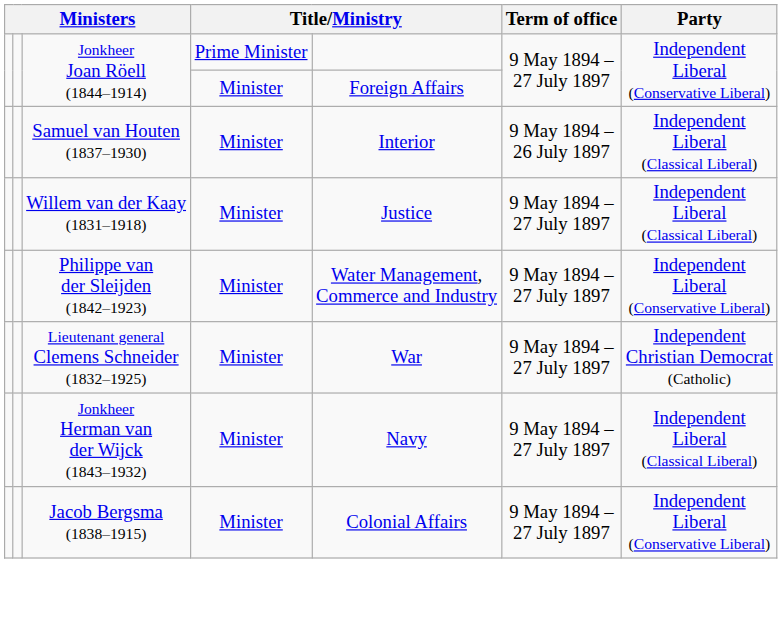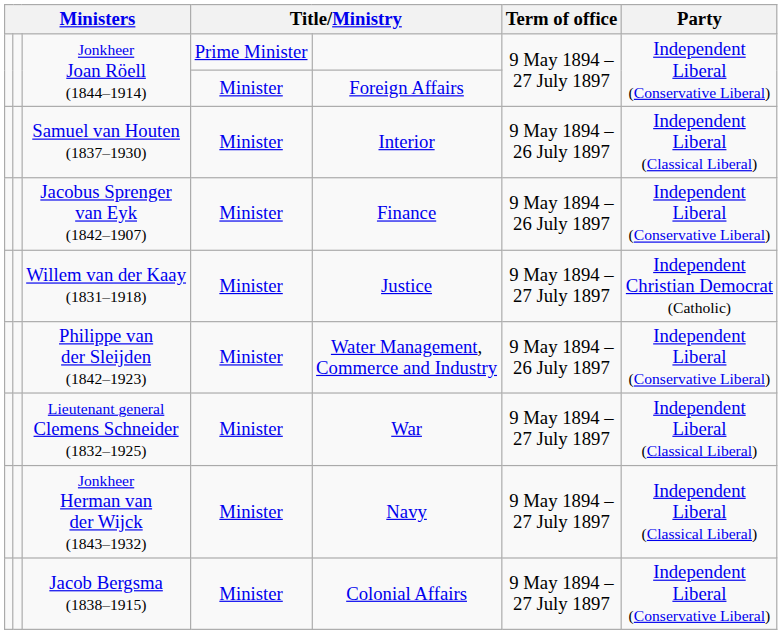 <table class="wikitable" style="text-align:center">
 <tr>
 <th colspan=3><a href='#'>Ministers</a></th>
 <th colspan=2>Title/<a href='#'>Ministry</a></th>
 <th>Term of office</th>
 <th>Party</th>
 </tr>
 <tr>
 <td rowspan=2 style="background:"></td>
 <td rowspan=2></td>
 <td rowspan=2><small><a href='#'>Jonkheer</a></small> <br> <a href='#'>Joan Röell</a> <br> <small>(1844–1914)</small></td>
 <td><a href='#'>Prime Minister</a></td>
 <td></td>
 <td rowspan=2>9 May 1894 – <br> 27 July 1897</td>
 <td rowspan=2><a href='#'>Independent <br> Liberal</a> <br> <small>(<a href='#'>Conservative Liberal</a>)</small></td>
 </tr>
 <tr>
 <td><a href='#'>Minister</a></td>
 <td><a href='#'>Foreign Affairs</a></td>
 </tr>
 <tr>
 <td style="background:"></td>
 <td></td>
 <td><a href='#'>Samuel van Houten</a> <br> <small>(1837–1930)</small></td>
 <td><a href='#'>Minister</a></td>
 <td><a href='#'>Interior</a></td>
 <td>9 May 1894 – <br> 26 July 1897</td>
 <td><a href='#'>Independent <br> Liberal</a> <br> <small>(<a href='#'>Classical Liberal</a>)</small></td>
 </tr>
 <tr>
 <td style="background:"></td>
 <td></td>
+<td><a href='#'>Jacobus Sprenger <br> van Eyk</a> <br> <small>(1842–1907)</small></td>
+<td><a href='#'>Minister</a></td>
+<td><a href='#'>Finance</a></td>
+<td>9 May 1894 – <br> 26 July 1897</td>
+<td><a href='#'>Independent <br> Liberal</a> <br> <small>(<a href='#'>Conservative Liberal</a>)</small></td>
+</tr>
+<tr>
+<td style="background:"></td>
+<td></td>
 <td><a href='#'>Willem van der Kaay</a> <br> <small>(1831–1918)</small></td>
 <td><a href='#'>Minister</a></td>
 <td><a href='#'>Justice</a></td>
 <td>9 May 1894 – <br> 27 July 1897</td>
-<td><a href='#'>Independent <br> Liberal</a> <br> <small>(<a href='#'>Classical Liberal</a>)</small></td>
+<td><a href='#'>Independent <br> Christian Democrat</a> <br> <small>(Catholic)</small></td>
 </tr>
 <tr>
 <td style="background:"></td>
 <td></td>
 <td><a href='#'>Philippe van <br> der Sleijden</a> <br> <small>(1842–1923)</small></td>
 <td><a href='#'>Minister</a></td>
 <td><a href='#'>Water Management</a>, <br> <a href='#'>Commerce and Industry</a></td>
-<td>9 May 1894 – <br> 27 July 1897</td>
+<td>9 May 1894 – <br> 26 July 1897</td>
 <td><a href='#'>Independent <br> Liberal</a> <br> <small>(<a href='#'>Conservative Liberal</a>)</small></td>
 </tr>
 <tr>
 <td style="background:"></td>
 <td></td>
 <td><small><a href='#'>Lieutenant general</a></small> <br> <a href='#'>Clemens Schneider</a> <br> <small>(1832–1925)</small></td>
 <td><a href='#'>Minister</a></td>
 <td><a href='#'>War</a></td>
 <td>9 May 1894 – <br> 27 July 1897</td>
-<td><a href='#'>Independent <br> Christian Democrat</a> <br> <small>(Catholic)</small></td>
+<td><a href='#'>Independent <br> Liberal</a> <br> <small>(<a href='#'>Classical Liberal</a>)</small></td>
 </tr>
 <tr>
 <td style="background:"></td>
 <td></td>
 <td><small><a href='#'>Jonkheer</a></small> <br> <a href='#'>Herman van <br> der Wijck</a> <br> <small>(1843–1932)</small></td>
 <td><a href='#'>Minister</a></td>
 <td><a href='#'>Navy</a></td>
 <td>9 May 1894 – <br> 27 July 1897</td>
 <td><a href='#'>Independent <br> Liberal</a> <br> <small>(<a href='#'>Classical Liberal</a>)</small></td>
 </tr>
 <tr>
 <td style="background:"></td>
 <td></td>
 <td><a href='#'>Jacob Bergsma</a> <br> <small>(1838–1915)</small></td>
 <td><a href='#'>Minister</a></td>
 <td><a href='#'>Colonial Affairs</a></td>
 <td>9 May 1894 – <br> 27 July 1897</td>
 <td><a href='#'>Independent <br> Liberal</a> <br> <small>(<a href='#'>Conservative Liberal</a>)</small></td>
 </tr>
 </table>
